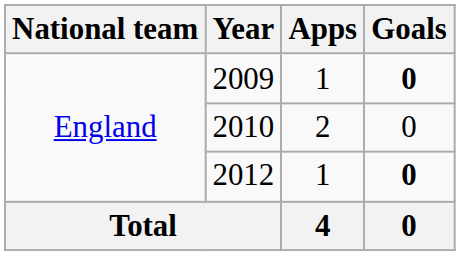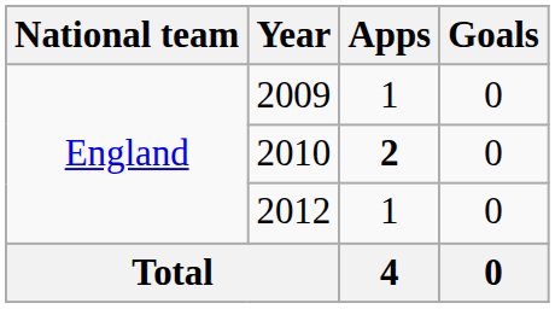 <table class=wikitable style=text-align:center>
 <tr>
 <th>National team</th>
 <th>Year</th>
 <th>Apps</th>
 <th>Goals</th>
 </tr>
 <tr>
 <td rowspan=3><a href='#'>England</a></td>
 <td>2009</td>
 <td>1</td>
-<td><strong>0</strong></td>
+<td>0</td>
 </tr>
 <tr>
 <td>2010</td>
-<td>2</td>
+<td><strong>2</strong></td>
 <td>0</td>
 </tr>
 <tr>
 <td>2012</td>
 <td>1</td>
-<td><strong>0</strong></td>
+<td>0</td>
 </tr>
 <tr>
 <th colspan=2>Total</th>
 <th>4</th>
 <th>0</th>
 </tr>
 </table>
